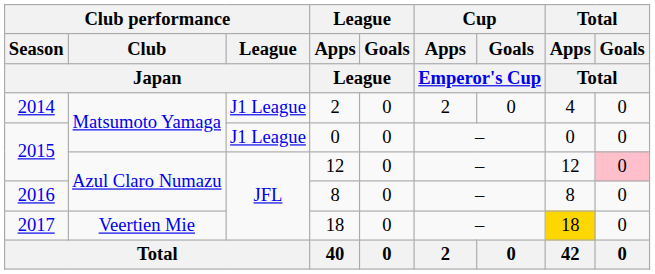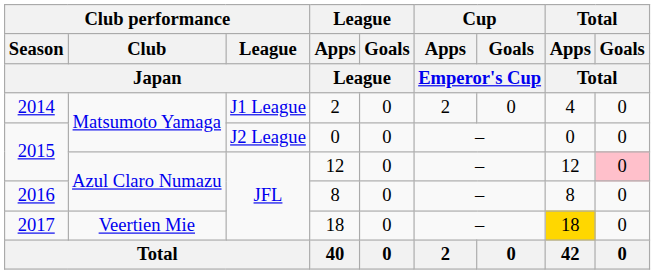 <table class="wikitable" style="text-align:center;">
 <tr>
 <th colspan=3>Club performance</th>
 <th colspan=2>League</th>
 <th colspan=2>Cup</th>
 <th colspan=2>Total</th>
 </tr>
 <tr>
 <th>Season</th>
 <th>Club</th>
 <th>League</th>
 <th>Apps</th>
 <th>Goals</th>
 <th>Apps</th>
 <th>Goals</th>
 <th>Apps</th>
 <th>Goals</th>
 </tr>
 <tr>
 <th colspan=3>Japan</th>
 <th colspan=2>League</th>
 <th colspan=2><a href='#'>Emperor's Cup</a></th>
 <th colspan=2>Total</th>
 </tr>
 <tr>
 <td><a href='#'>2014</a></td>
 <td rowspan="2"><a href='#'>Matsumoto Yamaga</a></td>
 <td><a href='#'>J1 League</a></td>
 <td>2</td>
 <td>0</td>
 <td>2</td>
 <td>0</td>
 <td>4</td>
 <td>0</td>
 </tr>
 <tr>
 <td rowspan="2"><a href='#'>2015</a></td>
-<td><a href='#'>J1 League</a></td>
+<td><a href='#'>J2 League</a></td>
 <td>0</td>
 <td>0</td>
 <td colspan="2">–</td>
 <td>0</td>
 <td>0</td>
 </tr>
 <tr>
 <td rowspan="2"><a href='#'>Azul Claro Numazu</a></td>
 <td rowspan="3"><a href='#'>JFL</a></td>
 <td>12</td>
 <td>0</td>
 <td colspan="2">–</td>
 <td>12</td>
 <td style="background: pink;">0</td>
 </tr>
 <tr>
 <td><a href='#'>2016</a></td>
 <td>8</td>
 <td>0</td>
 <td colspan="2">–</td>
 <td>8</td>
 <td>0</td>
 </tr>
 <tr>
 <td><a href='#'>2017</a></td>
 <td rowspan="1"><a href='#'>Veertien Mie</a></td>
 <td>18</td>
 <td>0</td>
 <td colspan="2">–</td>
 <td style="background: gold;">18</td>
 <td>0</td>
 </tr>
 <tr>
 <th colspan=3>Total</th>
 <th>40</th>
 <th>0</th>
 <th>2</th>
 <th>0</th>
 <th>42</th>
 <th>0</th>
 </tr>
 </table>
